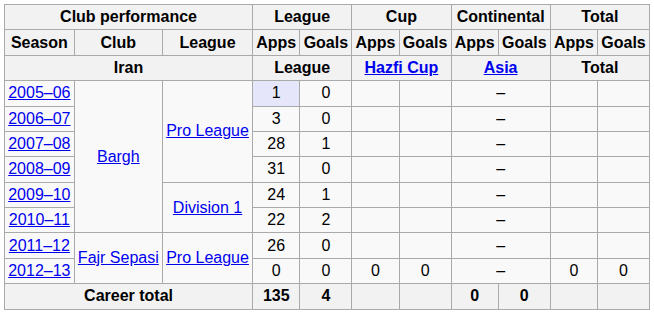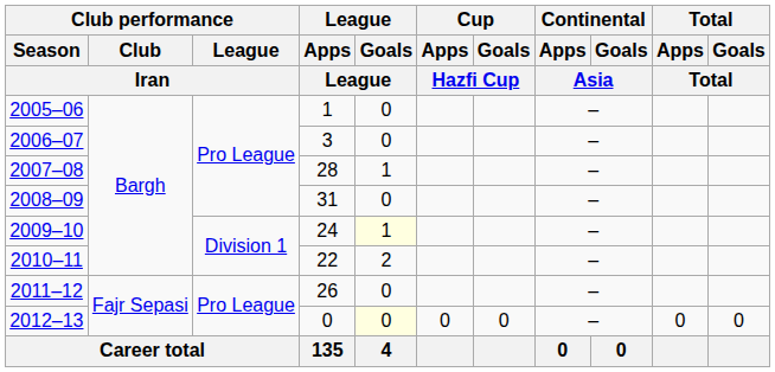 <table class="wikitable" style="text-align:center">
 <tr>
 <th colspan=3>Club performance</th>
 <th colspan=2>League</th>
 <th colspan=2>Cup</th>
 <th colspan=2>Continental</th>
 <th colspan=2>Total</th>
 </tr>
 <tr>
 <th>Season</th>
 <th>Club</th>
 <th>League</th>
 <th>Apps</th>
 <th>Goals</th>
 <th>Apps</th>
 <th>Goals</th>
 <th>Apps</th>
 <th>Goals</th>
 <th>Apps</th>
 <th>Goals</th>
 </tr>
 <tr>
 </tr>
 <tr>
 <th colspan=3>Iran</th>
 <th colspan=2>League</th>
 <th colspan=2><a href='#'>Hazfi Cup</a></th>
 <th colspan=2><a href='#'>Asia</a></th>
 <th colspan=2>Total</th>
 </tr>
 <tr>
 <td><a href='#'>2005–06</a></td>
 <td rowspan="6"><a href='#'>Bargh</a></td>
 <td rowspan="4"><a href='#'>Pro League</a></td>
-<td style="background: lavender;">1</td>
+<td>1</td>
 <td>0</td>
 <td></td>
 <td></td>
 <td colspan="2">–</td>
 <td></td>
 <td></td>
 </tr>
 <tr>
 <td><a href='#'>2006–07</a></td>
 <td>3</td>
 <td>0</td>
 <td></td>
 <td></td>
 <td colspan="2">–</td>
 <td></td>
 <td></td>
 </tr>
 <tr>
 <td><a href='#'>2007–08</a></td>
 <td>28</td>
 <td>1</td>
 <td></td>
 <td></td>
 <td colspan="2">–</td>
 <td></td>
 <td></td>
 </tr>
 <tr>
 <td><a href='#'>2008–09</a></td>
 <td>31</td>
 <td>0</td>
 <td></td>
 <td></td>
 <td colspan="2">–</td>
 <td></td>
 <td></td>
 </tr>
 <tr>
 <td><a href='#'>2009–10</a></td>
 <td rowspan="2"><a href='#'>Division 1</a></td>
 <td>24</td>
-<td>1</td>
+<td style="background: lightyellow;">1</td>
 <td></td>
 <td></td>
 <td colspan="2">–</td>
 <td></td>
 <td></td>
 </tr>
 <tr>
 <td><a href='#'>2010–11</a></td>
 <td>22</td>
 <td>2</td>
 <td></td>
 <td></td>
 <td colspan="2">–</td>
 <td></td>
 <td></td>
 </tr>
 <tr>
 <td><a href='#'>2011–12</a></td>
 <td rowspan="2"><a href='#'>Fajr Sepasi</a></td>
 <td rowspan="2"><a href='#'>Pro League</a></td>
 <td>26</td>
 <td>0</td>
 <td></td>
 <td></td>
 <td colspan="2">–</td>
 <td></td>
 <td></td>
 </tr>
 <tr>
 <td><a href='#'>2012–13</a></td>
 <td>0</td>
-<td>0</td>
+<td style="background: lightyellow;">0</td>
 <td>0</td>
 <td>0</td>
 <td colspan="2">–</td>
 <td>0</td>
 <td>0</td>
 </tr>
 <tr>
 </tr>
 <tr>
 <th colspan=3>Career total</th>
 <th>135</th>
 <th>4</th>
 <th></th>
 <th></th>
 <th>0</th>
 <th>0</th>
 <th></th>
 <th></th>
 </tr>
 </table>
